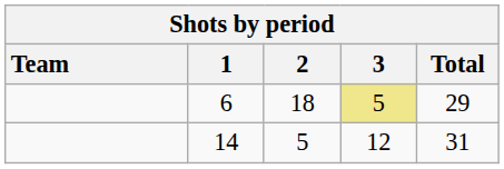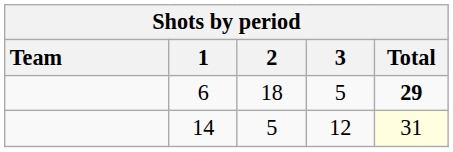 <table class="wikitable" style="width:20em; text-align:right;">
 <tr>
 <th colspan="6">Shots by period</th>
 </tr>
 <tr>
 <th style="width:8em; text-align:left;">Team</th>
 <th style="width:3em;">1</th>
 <th style="width:3em;">2</th>
 <th style="width:3em;">3</th>
 <th style="width:3em;">Total</th>
 </tr>
 <tr>
 <td style="text-align:left;"></td>
 <td style="text-align:center;">6</td>
 <td style="text-align:center;">18</td>
-<td style="background: khaki; text-align:center;">5</td>
-<td style="text-align:center;">29</td>
+<td style="text-align:center;">5</td>
+<td style="text-align:center;"><strong>29</strong></td>
 </tr>
 <tr>
 <td style="text-align:left;"></td>
 <td style="text-align:center;">14</td>
 <td style="text-align:center;">5</td>
 <td = style="text-align:center;">12</td>
-<td style="text-align:center;">31</td>
+<td style="background: lightyellow; text-align:center;">31</td>
 </tr>
 </table>
